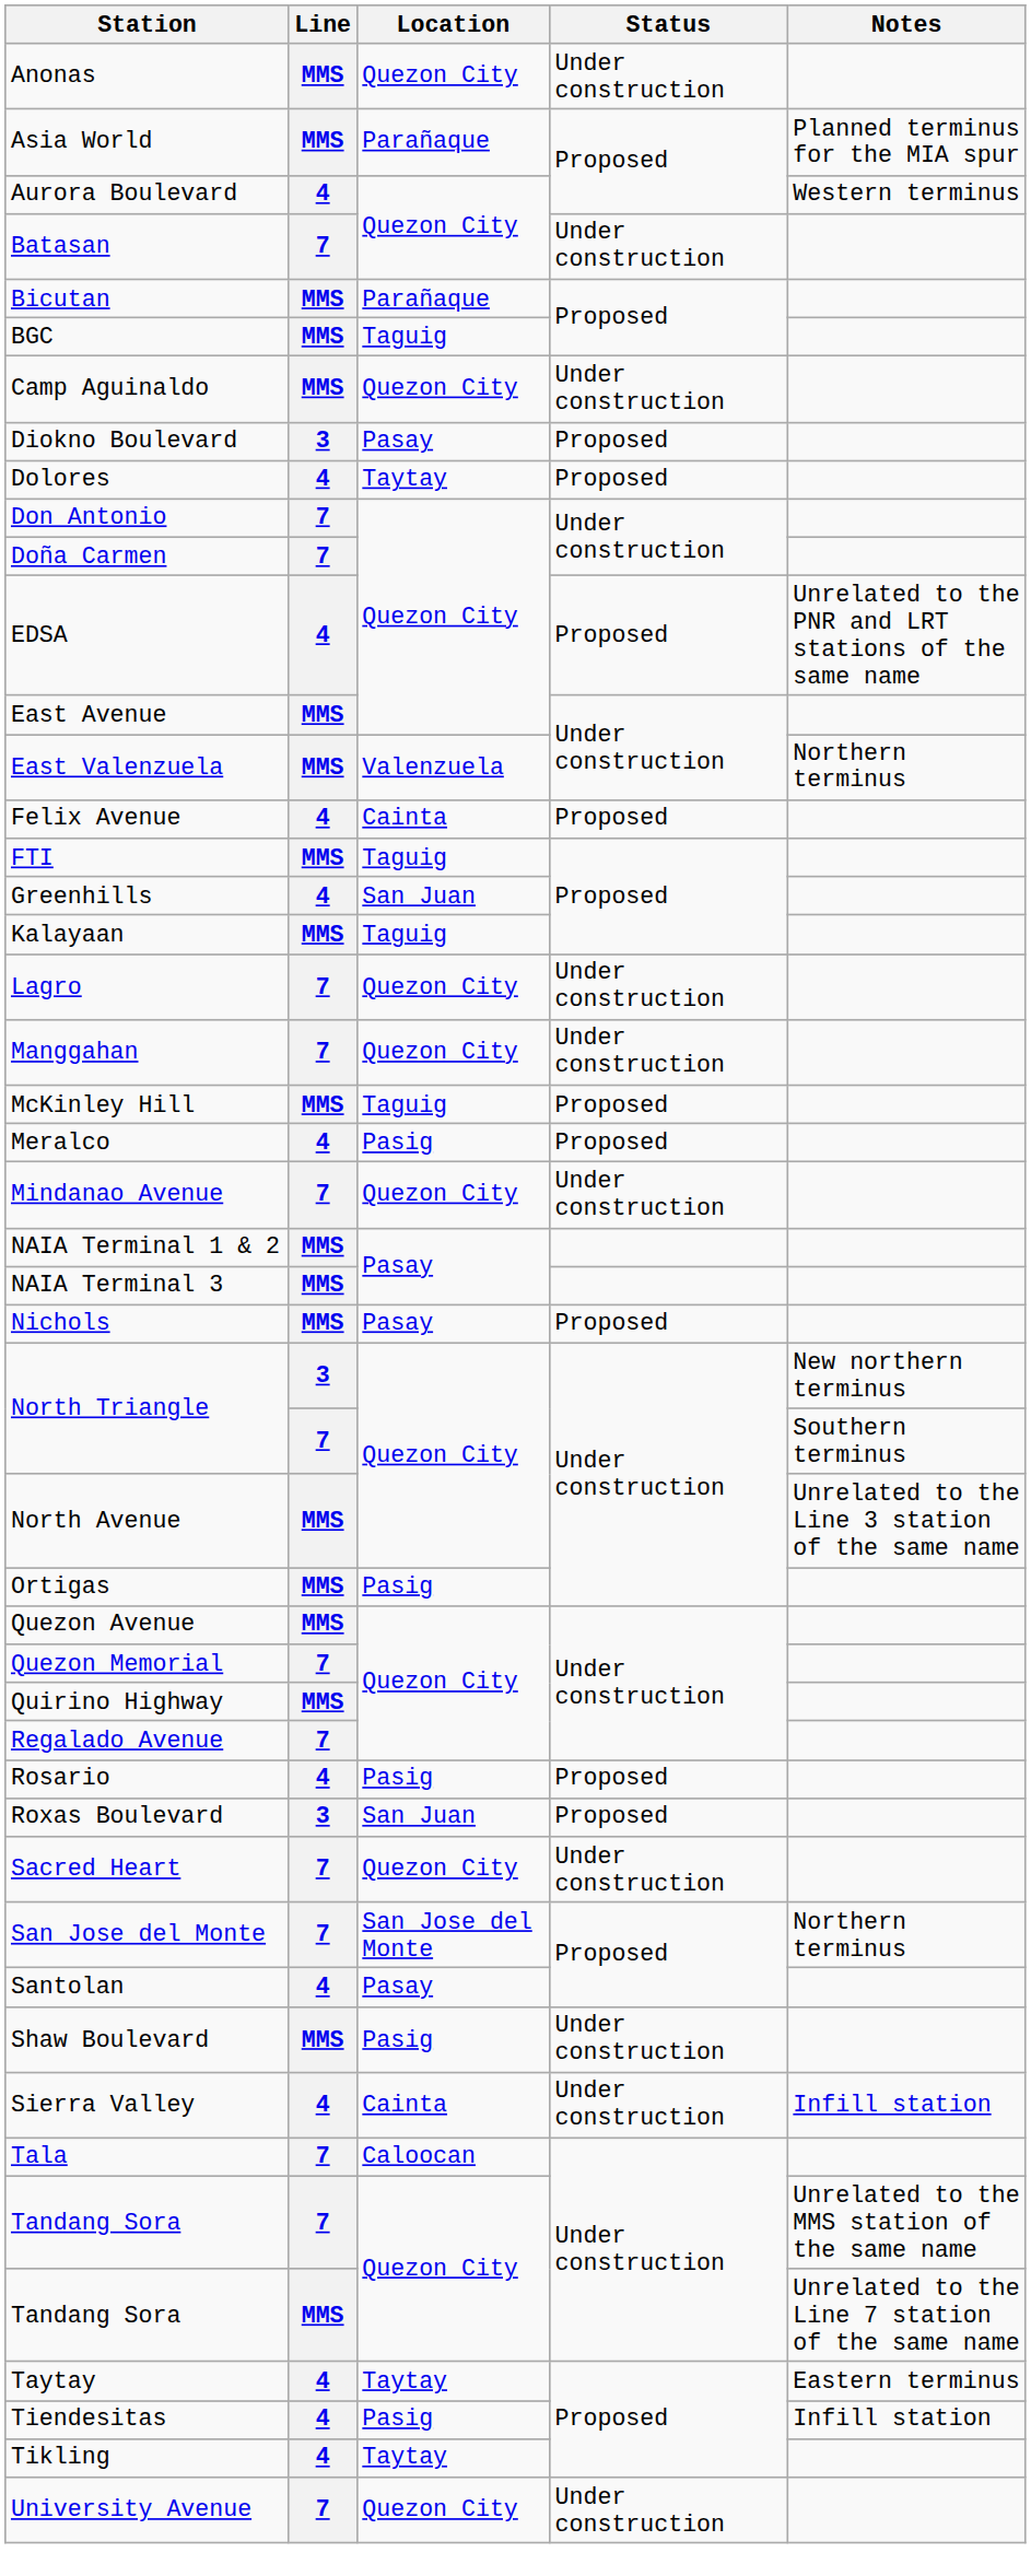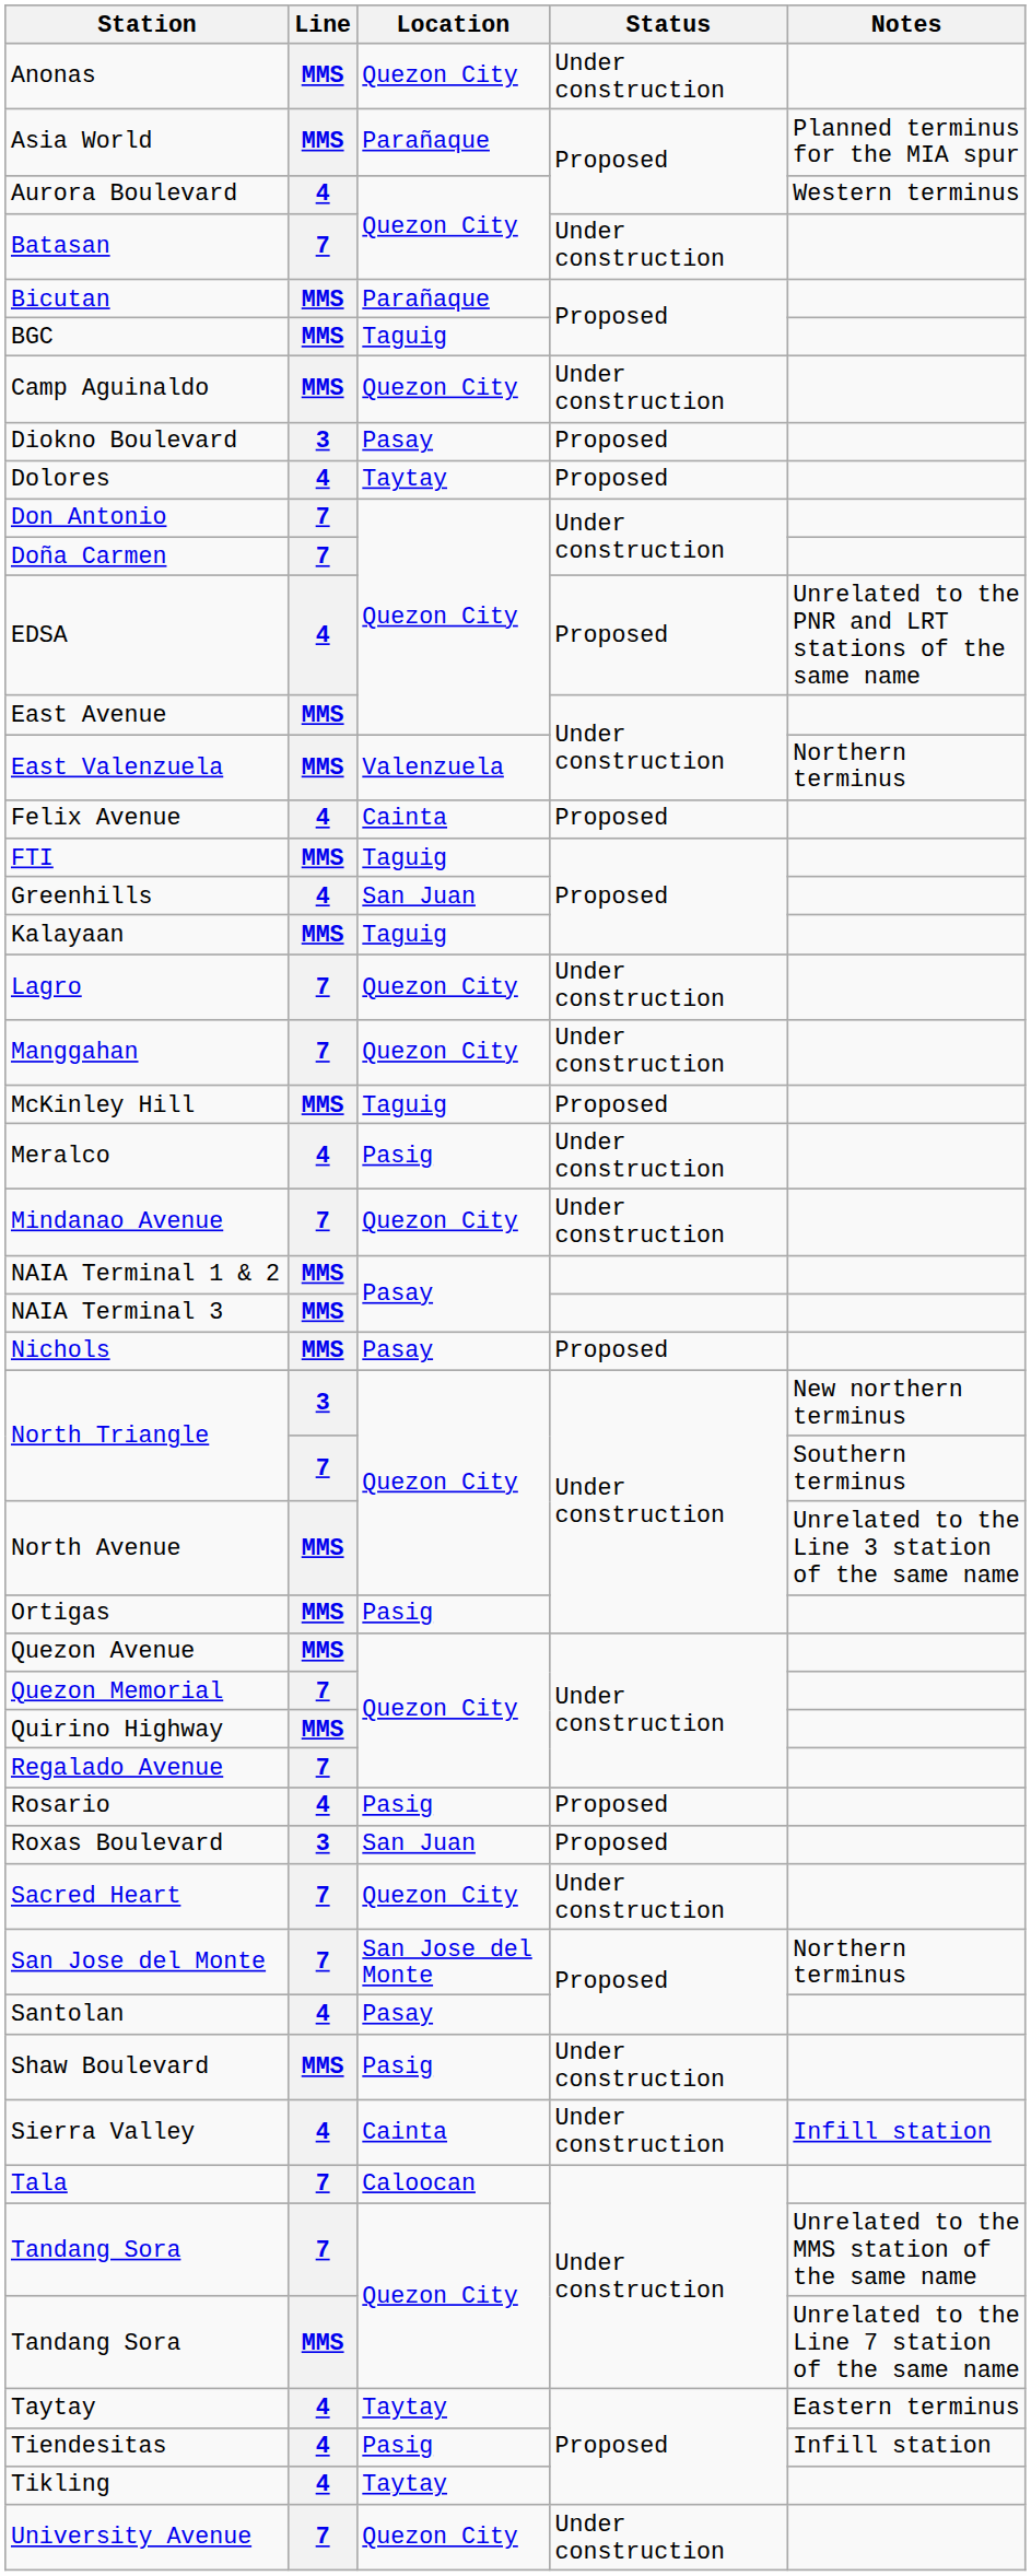 <table class="wikitable sortable">
 <tr>
 <th width=150>Station</th>
 <th class=unsortable width=25>Line</th>
 <th width=100>Location</th>
 <th width="125">Status</th>
 <th width="125">Notes</th>
 </tr>
 <tr>
 <td>Anonas</td>
 <th style="background-color:#"><a href='#'><span>MMS</span></a></th>
 <td><a href='#'>Quezon City</a></td>
 <td>Under construction</td>
 <td></td>
 </tr>
 <tr>
 <td>Asia World</td>
 <th style="background-color:#"><a href='#'><span>MMS</span></a></th>
 <td><a href='#'>Parañaque</a></td>
 <td rowspan="2">Proposed</td>
 <td>Planned terminus for the MIA spur</td>
 </tr>
 <tr>
 <td>Aurora Boulevard</td>
 <th style="background-color:#"><a href='#'><span>4</span></a></th>
 <td rowspan="2"><a href='#'>Quezon City</a></td>
 <td>Western terminus</td>
 </tr>
 <tr>
 <td><a href='#'>Batasan</a></td>
 <th style="background-color:#"><a href='#'><span>7</span></a></th>
 <td>Under construction</td>
 <td></td>
 </tr>
 <tr>
 <td><a href='#'>Bicutan</a></td>
 <th style="background-color:#"><a href='#'><span>MMS</span></a></th>
 <td><a href='#'>Parañaque</a></td>
 <td rowspan="2">Proposed</td>
 <td></td>
 </tr>
 <tr>
 <td>BGC</td>
 <th style="background-color:#"><a href='#'><span>MMS</span></a></th>
 <td><a href='#'>Taguig</a></td>
 <td></td>
 </tr>
 <tr>
 <td>Camp Aguinaldo</td>
 <th style="background-color:#"><a href='#'><span>MMS</span></a></th>
 <td><a href='#'>Quezon City</a></td>
 <td>Under construction</td>
 <td></td>
 </tr>
 <tr>
 <td>Diokno Boulevard</td>
 <th style="background-color:#"><a href='#'><span>3</span></a></th>
 <td><a href='#'>Pasay</a></td>
 <td>Proposed</td>
 <td></td>
 </tr>
 <tr>
 <td>Dolores</td>
 <th style="background-color:#"><a href='#'><span>4</span></a></th>
 <td><a href='#'>Taytay</a></td>
 <td>Proposed</td>
 <td></td>
 </tr>
 <tr>
 <td><a href='#'>Don Antonio</a></td>
 <th style="background-color:#"><a href='#'><span>7</span></a></th>
 <td rowspan="4"><a href='#'>Quezon City</a></td>
 <td rowspan="2">Under construction</td>
 <td></td>
 </tr>
 <tr>
 <td><a href='#'>Doña Carmen</a></td>
 <th style="background-color:#"><a href='#'><span>7</span></a></th>
 <td></td>
 </tr>
 <tr>
 <td>EDSA</td>
 <th style="background-color:#"><a href='#'><span>4</span></a></th>
 <td>Proposed</td>
 <td>Unrelated to the PNR and LRT stations of the same name</td>
 </tr>
 <tr>
 <td>East Avenue</td>
 <th style="background-color:#"><a href='#'><span>MMS</span></a></th>
 <td rowspan="2">Under construction</td>
 <td></td>
 </tr>
 <tr>
 <td><a href='#'>East Valenzuela</a></td>
 <th style="background-color:#"><a href='#'><span>MMS</span></a></th>
 <td><a href='#'>Valenzuela</a></td>
 <td>Northern terminus</td>
 </tr>
 <tr>
 <td>Felix Avenue</td>
 <th style="background-color:#"><a href='#'><span>4</span></a></th>
 <td><a href='#'>Cainta</a></td>
 <td>Proposed</td>
 <td></td>
 </tr>
 <tr>
 <td><a href='#'>FTI</a></td>
 <th style="background-color:#"><a href='#'><span>MMS</span></a></th>
 <td><a href='#'>Taguig</a></td>
 <td rowspan="3">Proposed</td>
 <td></td>
 </tr>
 <tr>
 <td>Greenhills</td>
 <th style="background-color:#"><a href='#'><span>4</span></a></th>
 <td><a href='#'>San Juan</a></td>
 <td></td>
 </tr>
 <tr>
 <td>Kalayaan</td>
 <th style="background-color:#"><a href='#'><span>MMS</span></a></th>
 <td><a href='#'>Taguig</a></td>
 <td></td>
 </tr>
 <tr>
 <td><a href='#'>Lagro</a></td>
 <th style="background-color:#"><a href='#'><span>7</span></a></th>
 <td><a href='#'>Quezon City</a></td>
 <td>Under construction</td>
 <td></td>
 </tr>
 <tr>
 <td><a href='#'>Manggahan</a></td>
 <th style="background-color:#"><a href='#'><span>7</span></a></th>
 <td><a href='#'>Quezon City</a></td>
 <td>Under construction</td>
 <td></td>
 </tr>
 <tr>
 <td>McKinley Hill</td>
 <th style="background-color:#"><a href='#'><span>MMS</span></a></th>
 <td><a href='#'>Taguig</a></td>
 <td>Proposed</td>
 <td></td>
 </tr>
 <tr>
 <td>Meralco</td>
 <th style="background-color:#"><a href='#'><span>4</span></a></th>
 <td><a href='#'>Pasig</a></td>
-<td>Proposed</td>
+<td>Under construction</td>
 <td></td>
 </tr>
 <tr>
 <td><a href='#'>Mindanao Avenue</a></td>
 <th style="background-color:#"><a href='#'><span>7</span></a></th>
 <td><a href='#'>Quezon City</a></td>
 <td>Under construction</td>
 <td></td>
 </tr>
 <tr>
 <td>NAIA Terminal 1 & 2</td>
 <th style="background-color:#"><a href='#'><span>MMS</span></a></th>
 <td rowspan="2"><a href='#'>Pasay</a></td>
 <td></td>
 <td></td>
 </tr>
 <tr>
 <td>NAIA Terminal 3</td>
 <th style="background-color:#"><a href='#'><span>MMS</span></a></th>
 <td></td>
 <td></td>
 </tr>
 <tr>
 <td><a href='#'>Nichols</a></td>
 <th style="background-color:#"><a href='#'><span>MMS</span></a></th>
 <td><a href='#'>Pasay</a></td>
 <td>Proposed</td>
 <td></td>
 </tr>
 <tr>
 <td rowspan="2"><a href='#'>North Triangle</a></td>
 <th style="background-color:#"><a href='#'><span>3</span></a></th>
 <td rowspan="3"><a href='#'>Quezon City</a></td>
 <td rowspan="4">Under construction</td>
 <td>New northern terminus</td>
 </tr>
 <tr>
 <th style="background-color:#"><a href='#'><span>7</span></a></th>
 <td>Southern terminus</td>
 </tr>
 <tr>
 <td>North Avenue</td>
 <th style="background-color:#"><a href='#'><span>MMS</span></a></th>
 <td>Unrelated to the Line 3 station of the same name</td>
 </tr>
 <tr>
 <td>Ortigas</td>
 <th style="background-color:#"><a href='#'><span>MMS</span></a></th>
 <td><a href='#'>Pasig</a></td>
 <td></td>
 </tr>
 <tr>
 <td>Quezon Avenue</td>
 <th style="background-color:#"><a href='#'><span>MMS</span></a></th>
 <td rowspan="4"><a href='#'>Quezon City</a></td>
 <td rowspan="4">Under construction</td>
 <td></td>
 </tr>
 <tr>
 <td><a href='#'>Quezon Memorial</a></td>
 <th style="background-color:#"><a href='#'><span>7</span></a></th>
 <td></td>
 </tr>
 <tr>
 <td>Quirino Highway</td>
 <th style="background-color:#"><a href='#'><span>MMS</span></a></th>
 <td></td>
 </tr>
 <tr>
 <td><a href='#'>Regalado Avenue</a></td>
 <th style="background-color:#"><a href='#'><span>7</span></a></th>
 <td></td>
 </tr>
 <tr>
 <td>Rosario</td>
 <th style="background-color:#"><a href='#'><span>4</span></a></th>
 <td><a href='#'>Pasig</a></td>
 <td>Proposed</td>
 <td></td>
 </tr>
 <tr>
 <td>Roxas Boulevard</td>
 <th style="background-color:#"><a href='#'><span>3</span></a></th>
 <td><a href='#'>San Juan</a></td>
 <td>Proposed</td>
 <td></td>
 </tr>
 <tr>
 <td><a href='#'>Sacred Heart</a></td>
 <th style="background-color:#"><a href='#'><span>7</span></a></th>
 <td><a href='#'>Quezon City</a></td>
 <td>Under construction</td>
 <td></td>
 </tr>
 <tr>
 <td><a href='#'>San Jose del Monte</a></td>
 <th style="background-color:#"><a href='#'><span>7</span></a></th>
 <td><a href='#'>San Jose del Monte</a></td>
 <td rowspan="2">Proposed</td>
 <td>Northern terminus</td>
 </tr>
 <tr>
 <td>Santolan</td>
 <th style="background-color:#"><a href='#'><span>4</span></a></th>
 <td><a href='#'>Pasay</a></td>
 <td></td>
 </tr>
 <tr>
 <td>Shaw Boulevard</td>
 <th style="background-color:#"><a href='#'><span>MMS</span></a></th>
 <td><a href='#'>Pasig</a></td>
 <td>Under construction</td>
 <td></td>
 </tr>
 <tr>
 <td>Sierra Valley</td>
 <th style="background-color:#"><a href='#'><span>4</span></a></th>
 <td><a href='#'>Cainta</a></td>
 <td>Under construction</td>
 <td><a href='#'>Infill station</a></td>
 </tr>
 <tr>
 <td><a href='#'>Tala</a></td>
 <th style="background-color:#"><a href='#'><span>7</span></a></th>
 <td><a href='#'>Caloocan</a></td>
 <td rowspan="3">Under construction</td>
 <td></td>
 </tr>
 <tr>
 <td><a href='#'>Tandang Sora</a></td>
 <th style="background-color:#"><a href='#'><span>7</span></a></th>
 <td rowspan="2"><a href='#'>Quezon City</a></td>
 <td>Unrelated to the MMS station of the same name</td>
 </tr>
 <tr>
 <td>Tandang Sora</td>
 <th style="background-color:#"><a href='#'><span>MMS</span></a></th>
 <td>Unrelated to the Line 7 station of the same name</td>
 </tr>
 <tr>
 <td>Taytay</td>
 <th style="background-color:#"><a href='#'><span>4</span></a></th>
 <td><a href='#'>Taytay</a></td>
 <td rowspan="3">Proposed</td>
 <td>Eastern terminus</td>
 </tr>
 <tr>
 <td>Tiendesitas</td>
 <th style="background-color:#"><a href='#'><span>4</span></a></th>
 <td><a href='#'>Pasig</a></td>
 <td>Infill station</td>
 </tr>
 <tr>
 <td>Tikling</td>
 <th style="background-color:#"><a href='#'><span>4</span></a></th>
 <td><a href='#'>Taytay</a></td>
 <td></td>
 </tr>
 <tr>
 <td><a href='#'>University Avenue</a></td>
 <th style="background-color:#"><a href='#'><span>7</span></a></th>
 <td><a href='#'>Quezon City</a></td>
 <td>Under construction</td>
 <td></td>
 </tr>
 </table>
